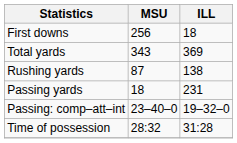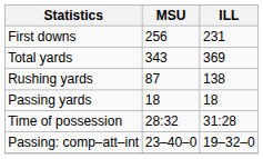 <table class="wikitable" style="float: left;">
 <tr>
 <th>Statistics</th>
 <th>MSU</th>
 <th>ILL</th>
 </tr>
 <tr>
 <td>First downs</td>
 <td>256</td>
-<td>18</td>
+<td>231</td>
 </tr>
 <tr>
 <td>Total yards</td>
 <td>343</td>
 <td>369</td>
 </tr>
 <tr>
 <td>Rushing yards</td>
 <td>87</td>
 <td>138</td>
 </tr>
 <tr>
 <td>Passing yards</td>
 <td>18</td>
-<td>231</td>
+<td>18</td>
+</tr>
+<tr>
+<td>Time of possession</td>
+<td>28:32</td>
+<td>31:28</td>
 </tr>
 <tr>
 <td>Passing: comp–att–int</td>
 <td>23–40–0</td>
 <td>19–32–0</td>
 </tr>
 <tr>
-<td>Time of possession</td>
-<td>28:32</td>
-<td>31:28</td>
-</tr>
-<tr>
 </tr>
 </table>
